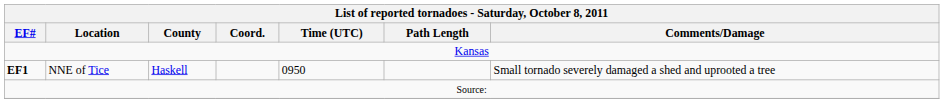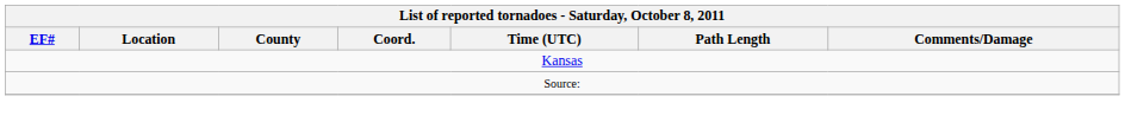 <table class="wikitable collapsible" width="100%">
 <tr>
 <th colspan="7">List of reported tornadoes - Saturday, October 8, 2011</th>
 </tr>
 <tr>
 <th><a href='#'>EF#</a></th>
 <th>Location</th>
 <th>County</th>
 <th>Coord.</th>
 <th>Time (UTC)</th>
 <th>Path Length</th>
 <th>Comments/Damage</th>
 </tr>
 <tr>
 <td colspan="7" align=center><a href='#'>Kansas</a></td>
 </tr>
 <tr>
-<td><strong>EF1</strong></td>
-<td>NNE of <a href='#'>Tice</a></td>
-<td><a href='#'>Haskell</a></td>
-<td></td>
-<td>0950</td>
-<td></td>
-<td>Small tornado severely damaged a shed and uprooted a tree</td>
-</tr>
-<tr>
 <td colspan="7" align=center><small>Source: </small></td>
 </tr>
 <tr>
 </tr>
 </table>
